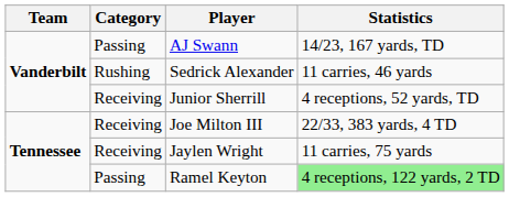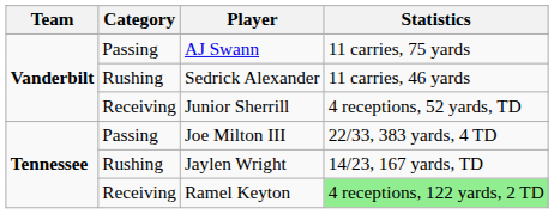 <table class="wikitable" style="float: right;">
 <tr>
 <th>Team</th>
 <th>Category</th>
 <th>Player</th>
 <th>Statistics</th>
 </tr>
 <tr>
 <td rowspan=3><strong>Vanderbilt</strong></td>
 <td>Passing</td>
 <td><a href='#'>AJ Swann</a></td>
-<td>14/23, 167 yards, TD</td>
+<td>11 carries, 75 yards</td>
 </tr>
 <tr>
 <td>Rushing</td>
 <td>Sedrick Alexander</td>
 <td>11 carries, 46 yards</td>
 </tr>
 <tr>
 <td>Receiving</td>
 <td>Junior Sherrill</td>
 <td>4 receptions, 52 yards, TD</td>
 </tr>
 <tr>
 <td rowspan=3><strong>Tennessee</strong></td>
-<td>Receiving</td>
+<td>Passing</td>
 <td>Joe Milton III</td>
 <td>22/33, 383 yards, 4 TD</td>
 </tr>
 <tr>
-<td>Receiving</td>
+<td>Rushing</td>
 <td>Jaylen Wright</td>
-<td>11 carries, 75 yards</td>
+<td>14/23, 167 yards, TD</td>
 </tr>
 <tr>
-<td>Passing</td>
+<td>Receiving</td>
 <td>Ramel Keyton</td>
 <td style="background: lightgreen;">4 receptions, 122 yards, 2 TD</td>
 </tr>
 </table>
